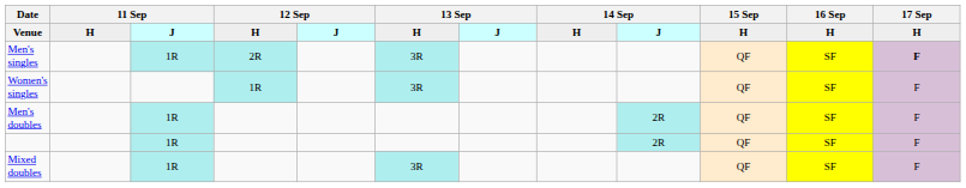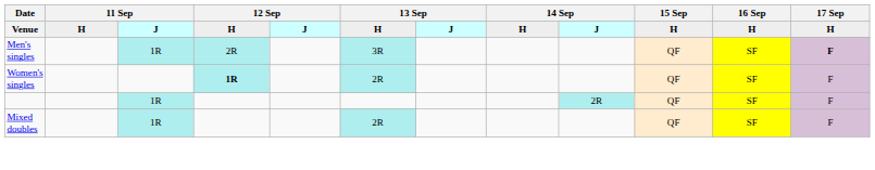 <table class="wikitable" style="margin:0.5em auto; font-size:90%; text-align:center; nowrap:yes">
 <tr>
 <th>Date</th>
 <th colspan="2">11 Sep</th>
 <th colspan="2">12 Sep</th>
 <th colspan="2">13 Sep</th>
 <th colspan="2">14 Sep</th>
 <th>15 Sep</th>
 <th>16 Sep</th>
 <th>17 Sep</th>
 </tr>
 <tr>
 <th>Venue</th>
 <th style="background-color:#EEEEEE; width:25em">H</th>
 <th style="background-color:#CCFFFF; width:25em">J</th>
 <th style="background-color:#EEEEEE; width:25em">H</th>
 <th style="background-color:#CCFFFF; width:25em">J</th>
 <th style="background-color:#EEEEEE; width:25em">H</th>
 <th style="background-color:#CCFFFF; width:25em">J</th>
 <th style="background-color:#EEEEEE; width:25em">H</th>
 <th style="background-color:#CCFFFF; width:25em">J</th>
 <th style="background-color:#EEEEEE; width:25em">H</th>
 <th style="background-color:#EEEEEE; width:25em">H</th>
 <th style="background-color:#EEEEEE; width:25em">H</th>
 </tr>
 <tr>
 <td align="left"><a href='#'>Men's singles</a></td>
 <td></td>
 <td bgcolor="#AFEEEE">1R</td>
 <td bgcolor="#AFEEEE">2R</td>
 <td></td>
 <td bgcolor="#AFEEEE">3R</td>
 <td></td>
 <td></td>
 <td></td>
 <td bgcolor="#FFEBCD">QF</td>
 <td bgcolor="#FFFF00">SF</td>
 <td bgcolor="#D8BFD8"><strong>F</strong></td>
 </tr>
 <tr>
 <td align="left"><a href='#'>Women's singles</a></td>
 <td></td>
 <td></td>
-<td bgcolor="#AFEEEE">1R</td>
+<td bgcolor="#AFEEEE"><strong>1R</strong></td>
 <td></td>
-<td bgcolor="#AFEEEE">3R</td>
+<td bgcolor="#AFEEEE">2R</td>
 <td></td>
 <td></td>
 <td></td>
-<td bgcolor="#FFEBCD">QF</td>
-<td bgcolor="#FFFF00">SF</td>
-<td bgcolor="#D8BFD8">F</td>
-</tr>
-<tr>
-<td align="left"><a href='#'>Men's doubles</a></td>
-<td></td>
-<td bgcolor="#AFEEEE">1R</td>
-<td></td>
-<td></td>
-<td></td>
-<td></td>
-<td></td>
-<td bgcolor="#AFEEEE">2R</td>
 <td bgcolor="#FFEBCD">QF</td>
 <td bgcolor="#FFFF00">SF</td>
 <td bgcolor="#D8BFD8">F</td>
 </tr>
 <tr>
 <td align="left"></td>
 <td></td>
 <td bgcolor="#AFEEEE">1R</td>
 <td></td>
 <td></td>
 <td></td>
 <td></td>
 <td></td>
 <td bgcolor="#AFEEEE">2R</td>
 <td bgcolor="#FFEBCD">QF</td>
 <td bgcolor="#FFFF00">SF</td>
 <td bgcolor="#D8BFD8">F</td>
 </tr>
 <tr>
 <td align="left"><a href='#'>Mixed doubles</a></td>
 <td></td>
 <td bgcolor="#AFEEEE">1R</td>
 <td></td>
 <td></td>
-<td bgcolor="#AFEEEE">3R</td>
+<td bgcolor="#AFEEEE">2R</td>
 <td></td>
 <td></td>
 <td></td>
 <td bgcolor="#FFEBCD">QF</td>
 <td bgcolor="#FFFF00">SF</td>
 <td bgcolor="#D8BFD8">F</td>
 </tr>
 </table>
